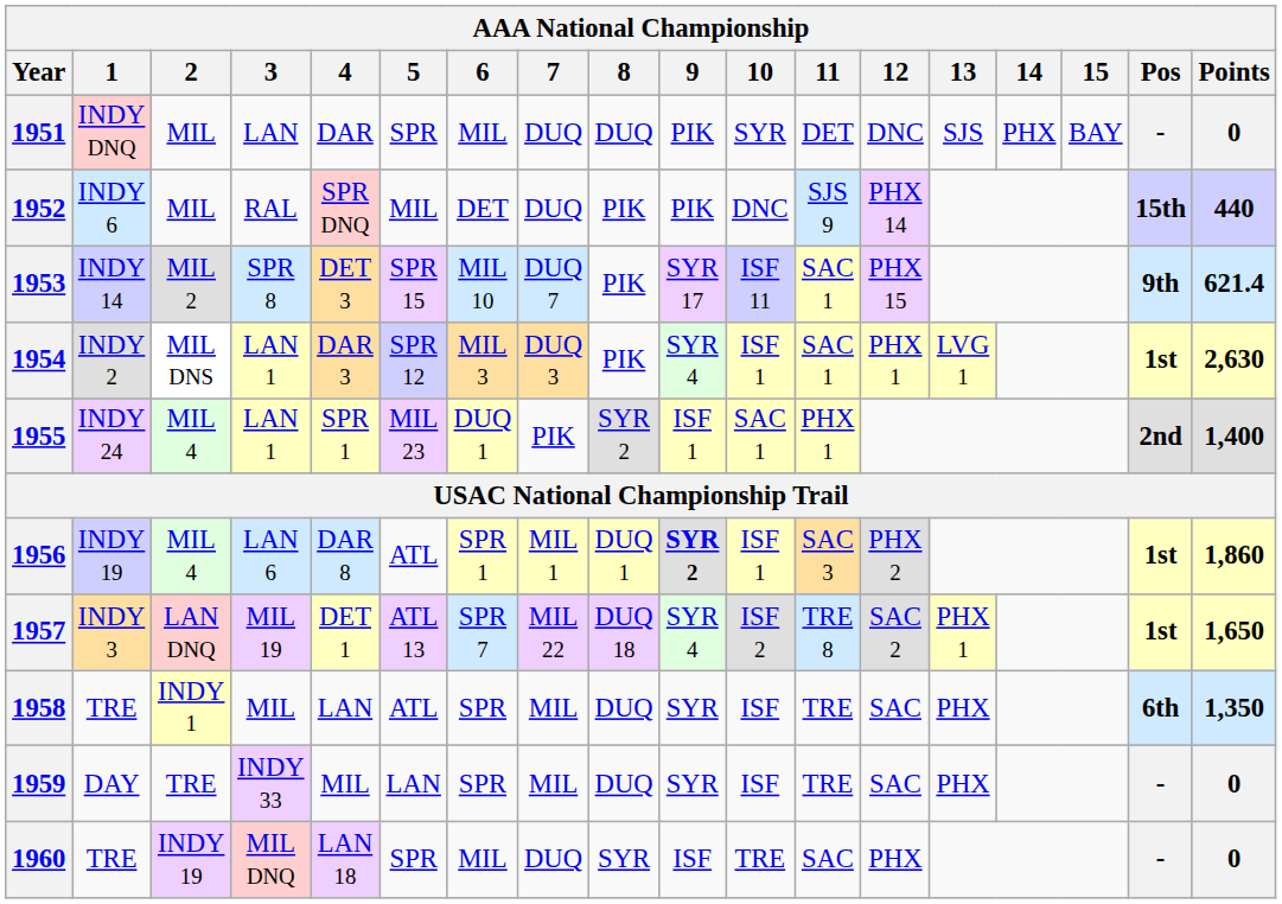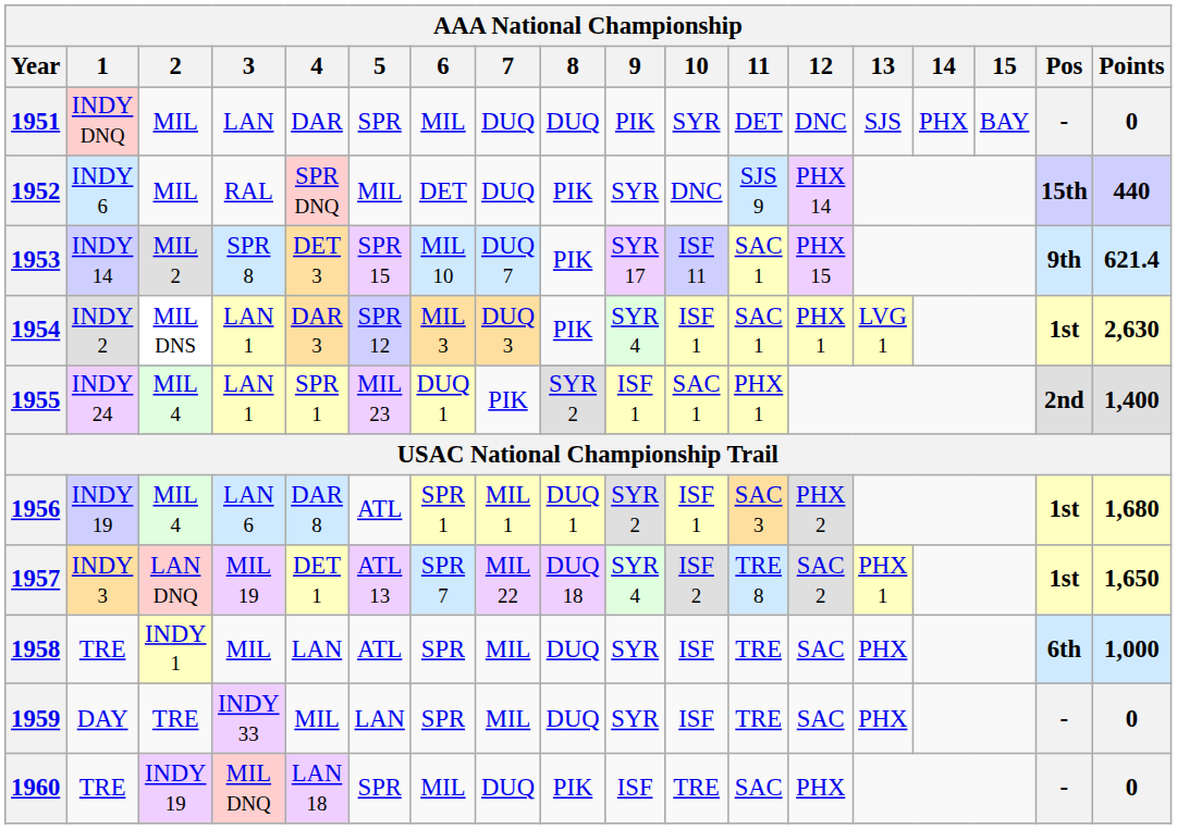 <table class="wikitable" style="text-align:center; font-size:90%">
 <tr>
 <th colspan=18>AAA National Championship</th>
 </tr>
 <tr>
 <th>Year</th>
 <th>1</th>
 <th>2</th>
 <th>3</th>
 <th>4</th>
 <th>5</th>
 <th>6</th>
 <th>7</th>
 <th>8</th>
 <th>9</th>
 <th>10</th>
 <th>11</th>
 <th>12</th>
 <th>13</th>
 <th>14</th>
 <th>15</th>
 <th>Pos</th>
 <th>Points</th>
 </tr>
 <tr>
 <th rowspan=1><a href='#'>1951</a></th>
 <td style="background:#FFCFCF;"><a href='#'>INDY</a><br><small>DNQ</small></td>
 <td><a href='#'>MIL</a></td>
 <td><a href='#'>LAN</a></td>
 <td><a href='#'>DAR</a></td>
 <td><a href='#'>SPR</a></td>
 <td><a href='#'>MIL</a></td>
 <td><a href='#'>DUQ</a></td>
 <td><a href='#'>DUQ</a></td>
 <td><a href='#'>PIK</a></td>
 <td><a href='#'>SYR</a></td>
 <td><a href='#'>DET</a></td>
 <td><a href='#'>DNC</a></td>
 <td><a href='#'>SJS</a></td>
 <td><a href='#'>PHX</a></td>
 <td><a href='#'>BAY</a></td>
 <th>-</th>
 <th>0</th>
 </tr>
 <tr>
 <th rowspan=1><a href='#'>1952</a></th>
 <td style="background:#CFEAFF;"><a href='#'>INDY</a><br><small>6</small></td>
 <td><a href='#'>MIL</a></td>
 <td><a href='#'>RAL</a></td>
 <td style="background:#FFCFCF;"><a href='#'>SPR</a><br><small>DNQ</small></td>
 <td><a href='#'>MIL</a></td>
 <td><a href='#'>DET</a></td>
 <td><a href='#'>DUQ</a></td>
 <td><a href='#'>PIK</a></td>
-<td><a href='#'>PIK</a></td>
+<td><a href='#'>SYR</a></td>
 <td><a href='#'>DNC</a></td>
 <td style="background:#CFEAFF;"><a href='#'>SJS</a><br><small>9</small></td>
 <td style="background:#EFCFFF;"><a href='#'>PHX</a><br><small>14</small></td>
 <td colspan=3></td>
 <th style="background:#CFCFFF;">15th</th>
 <th style="background:#CFCFFF;">440</th>
 </tr>
 <tr>
 <th rowspan=1><a href='#'>1953</a></th>
 <td style="background:#CFCFFF;"><a href='#'>INDY</a><br><small>14</small></td>
 <td style="background:#DFDFDF;"><a href='#'>MIL</a><br><small>2</small></td>
 <td style="background:#CFEAFF;"><a href='#'>SPR</a><br><small>8</small></td>
 <td style="background:#FFDF9F;"><a href='#'>DET</a><br><small>3</small></td>
 <td style="background:#EFCFFF;"><a href='#'>SPR</a><br><small>15</small></td>
 <td style="background:#CFEAFF;"><a href='#'>MIL</a><br><small>10</small></td>
 <td style="background:#CFEAFF;"><a href='#'>DUQ</a><br><small>7</small></td>
 <td><a href='#'>PIK</a></td>
 <td style="background:#EFCFFF;"><a href='#'>SYR</a><br><small>17</small></td>
 <td style="background:#CFCFFF;"><a href='#'>ISF</a><br><small>11</small></td>
 <td style="background:#FFFFBF;"><a href='#'>SAC</a><br><small>1</small></td>
 <td style="background:#EFCFFF;"><a href='#'>PHX</a><br><small>15</small></td>
 <td colspan=3></td>
 <th style="background:#CFEAFF;">9th</th>
 <th style="background:#CFEAFF;">621.4</th>
 </tr>
 <tr>
 <th rowspan=1><a href='#'>1954</a></th>
 <td style="background:#DFDFDF;"><a href='#'>INDY</a><br><small>2</small></td>
 <td style="background:#FFFFFF;"><a href='#'>MIL</a><br><small>DNS</small></td>
 <td style="background:#FFFFBF;"><a href='#'>LAN</a><br><small>1</small></td>
 <td style="background:#FFDF9F;"><a href='#'>DAR</a><br><small>3</small></td>
 <td style="background:#CFCFFF;"><a href='#'>SPR</a><br><small>12</small></td>
 <td style="background:#FFDF9F;"><a href='#'>MIL</a><br><small>3</small></td>
 <td style="background:#FFDF9F;"><a href='#'>DUQ</a><br><small>3</small></td>
 <td><a href='#'>PIK</a></td>
 <td style="background:#DFFFDF;"><a href='#'>SYR</a><br><small>4</small></td>
 <td style="background:#FFFFBF;"><a href='#'>ISF</a><br><small>1</small></td>
 <td style="background:#FFFFBF;"><a href='#'>SAC</a><br><small>1</small></td>
 <td style="background:#FFFFBF;"><a href='#'>PHX</a><br><small>1</small></td>
 <td style="background:#FFFFBF;"><a href='#'>LVG</a><br><small>1</small></td>
 <td colspan=2></td>
 <th style="background:#FFFFBF;">1st</th>
 <th style="background:#FFFFBF;">2,630</th>
 </tr>
 <tr>
 <th rowspan=1><a href='#'>1955</a></th>
 <td style="background:#EFCFFF;"><a href='#'>INDY</a><br><small>24</small></td>
 <td style="background:#DFFFDF;"><a href='#'>MIL</a><br><small>4</small></td>
 <td style="background:#FFFFBF;"><a href='#'>LAN</a><br><small>1</small></td>
 <td style="background:#FFFFBF;"><a href='#'>SPR</a><br><small>1</small></td>
 <td style="background:#EFCFFF;"><a href='#'>MIL</a><br><small>23</small></td>
 <td style="background:#FFFFBF;"><a href='#'>DUQ</a><br><small>1</small></td>
 <td><a href='#'>PIK</a></td>
 <td style="background:#DFDFDF;"><a href='#'>SYR</a><br><small>2</small></td>
 <td style="background:#FFFFBF;"><a href='#'>ISF</a><br><small>1</small></td>
 <td style="background:#FFFFBF;"><a href='#'>SAC</a><br><small>1</small></td>
 <td style="background:#FFFFBF;"><a href='#'>PHX</a><br><small>1</small></td>
 <td colspan=4></td>
 <th style="background:#DFDFDF;">2nd</th>
 <th style="background:#DFDFDF;">1,400</th>
 </tr>
 <tr>
 <th colspan=18>USAC National Championship Trail</th>
 </tr>
 <tr>
 <th rowspan=1><a href='#'>1956</a></th>
 <td style="background:#CFCFFF;"><a href='#'>INDY</a><br><small>19</small></td>
 <td style="background:#DFFFDF;"><a href='#'>MIL</a><br><small>4</small></td>
 <td style="background:#CFEAFF;"><a href='#'>LAN</a><br><small>6</small></td>
 <td style="background:#CFEAFF;"><a href='#'>DAR</a><br><small>8</small></td>
 <td><a href='#'>ATL</a></td>
 <td style="background:#FFFFBF;"><a href='#'>SPR</a><br><small>1</small></td>
 <td style="background:#FFFFBF;"><a href='#'>MIL</a><br><small>1</small></td>
 <td style="background:#FFFFBF;"><a href='#'>DUQ</a><br><small>1</small></td>
-<td style="background:#DFDFDF;"><strong><a href='#'>SYR</a><br><small>2</small></strong></td>
+<td style="background:#DFDFDF;"><a href='#'>SYR</a><br><small>2</small></td>
 <td style="background:#FFFFBF;"><a href='#'>ISF</a><br><small>1</small></td>
 <td style="background:#FFDF9F;"><a href='#'>SAC</a><br><small>3</small></td>
 <td style="background:#DFDFDF;"><a href='#'>PHX</a><br><small>2</small></td>
 <td colspan=3></td>
 <th style="background:#FFFFBF;">1st</th>
-<th style="background:#FFFFBF;">1,860</th>
+<th style="background:#FFFFBF;">1,680</th>
 </tr>
 <tr>
 <th rowspan=1><a href='#'>1957</a></th>
 <td style="background:#FFDF9F;"><a href='#'>INDY</a><br><small>3</small></td>
 <td style="background:#FFCFCF;"><a href='#'>LAN</a><br><small>DNQ</small></td>
 <td style="background:#EFCFFF;"><a href='#'>MIL</a><br><small>19</small></td>
 <td style="background:#FFFFBF;"><a href='#'>DET</a><br><small>1</small></td>
 <td style="background:#EFCFFF;"><a href='#'>ATL</a><br><small>13</small></td>
 <td style="background:#CFEAFF;"><a href='#'>SPR</a><br><small>7</small></td>
 <td style="background:#EFCFFF;"><a href='#'>MIL</a><br><small>22</small></td>
 <td style="background:#EFCFFF;"><a href='#'>DUQ</a><br><small>18</small></td>
 <td style="background:#DFFFDF;"><a href='#'>SYR</a><br><small>4</small></td>
 <td style="background:#DFDFDF;"><a href='#'>ISF</a><br><small>2</small></td>
 <td style="background:#CFEAFF;"><a href='#'>TRE</a><br><small>8</small></td>
 <td style="background:#DFDFDF;"><a href='#'>SAC</a><br><small>2</small></td>
 <td style="background:#FFFFBF;"><a href='#'>PHX</a><br><small>1</small></td>
 <td colspan=2></td>
 <th style="background:#FFFFBF;">1st</th>
 <th style="background:#FFFFBF;">1,650</th>
 </tr>
 <tr>
 <th rowspan=1><a href='#'>1958</a></th>
 <td><a href='#'>TRE</a></td>
 <td style="background:#FFFFBF;"><a href='#'>INDY</a><br><small>1</small></td>
 <td><a href='#'>MIL</a></td>
 <td><a href='#'>LAN</a></td>
 <td><a href='#'>ATL</a></td>
 <td><a href='#'>SPR</a></td>
 <td><a href='#'>MIL</a></td>
 <td><a href='#'>DUQ</a></td>
 <td><a href='#'>SYR</a></td>
 <td><a href='#'>ISF</a></td>
 <td><a href='#'>TRE</a></td>
 <td><a href='#'>SAC</a></td>
 <td><a href='#'>PHX</a></td>
 <td colspan=2></td>
 <th style="background:#CFEAFF;">6th</th>
-<th style="background:#CFEAFF;">1,350</th>
+<th style="background:#CFEAFF;">1,000</th>
 </tr>
 <tr>
 <th rowspan=1><a href='#'>1959</a></th>
 <td><a href='#'>DAY</a></td>
 <td><a href='#'>TRE</a></td>
 <td style="background:#efcfff;"><a href='#'>INDY</a><br><small>33</small></td>
 <td><a href='#'>MIL</a></td>
 <td><a href='#'>LAN</a></td>
 <td><a href='#'>SPR</a></td>
 <td><a href='#'>MIL</a></td>
 <td><a href='#'>DUQ</a></td>
 <td><a href='#'>SYR</a></td>
 <td><a href='#'>ISF</a></td>
 <td><a href='#'>TRE</a></td>
 <td><a href='#'>SAC</a></td>
 <td><a href='#'>PHX</a></td>
 <td colspan=2></td>
 <th>-</th>
 <th>0</th>
 </tr>
 <tr>
 <th><a href='#'>1960</a></th>
 <td><a href='#'>TRE</a></td>
 <td style="background:#efcfff;"><a href='#'>INDY</a><br><small>19</small></td>
 <td style="background:#FFCFCF;"><a href='#'>MIL</a><br><small>DNQ</small></td>
 <td style="background:#efcfff;"><a href='#'>LAN</a><br><small>18</small></td>
 <td><a href='#'>SPR</a></td>
 <td><a href='#'>MIL</a></td>
 <td><a href='#'>DUQ</a></td>
-<td><a href='#'>SYR</a></td>
+<td><a href='#'>PIK</a></td>
 <td><a href='#'>ISF</a></td>
 <td><a href='#'>TRE</a></td>
 <td><a href='#'>SAC</a></td>
 <td><a href='#'>PHX</a></td>
 <td colspan=3></td>
 <th>-</th>
 <th>0</th>
 </tr>
 </table>
